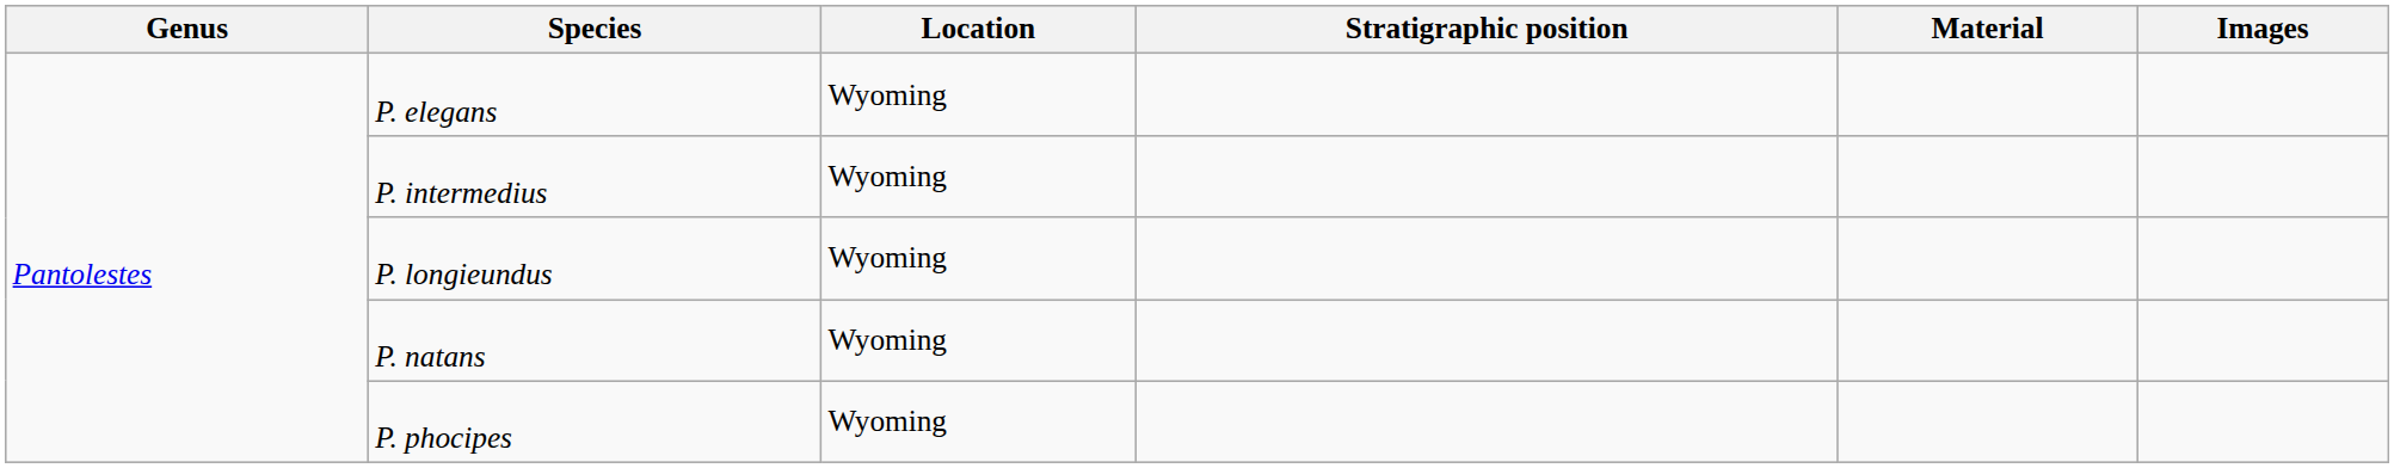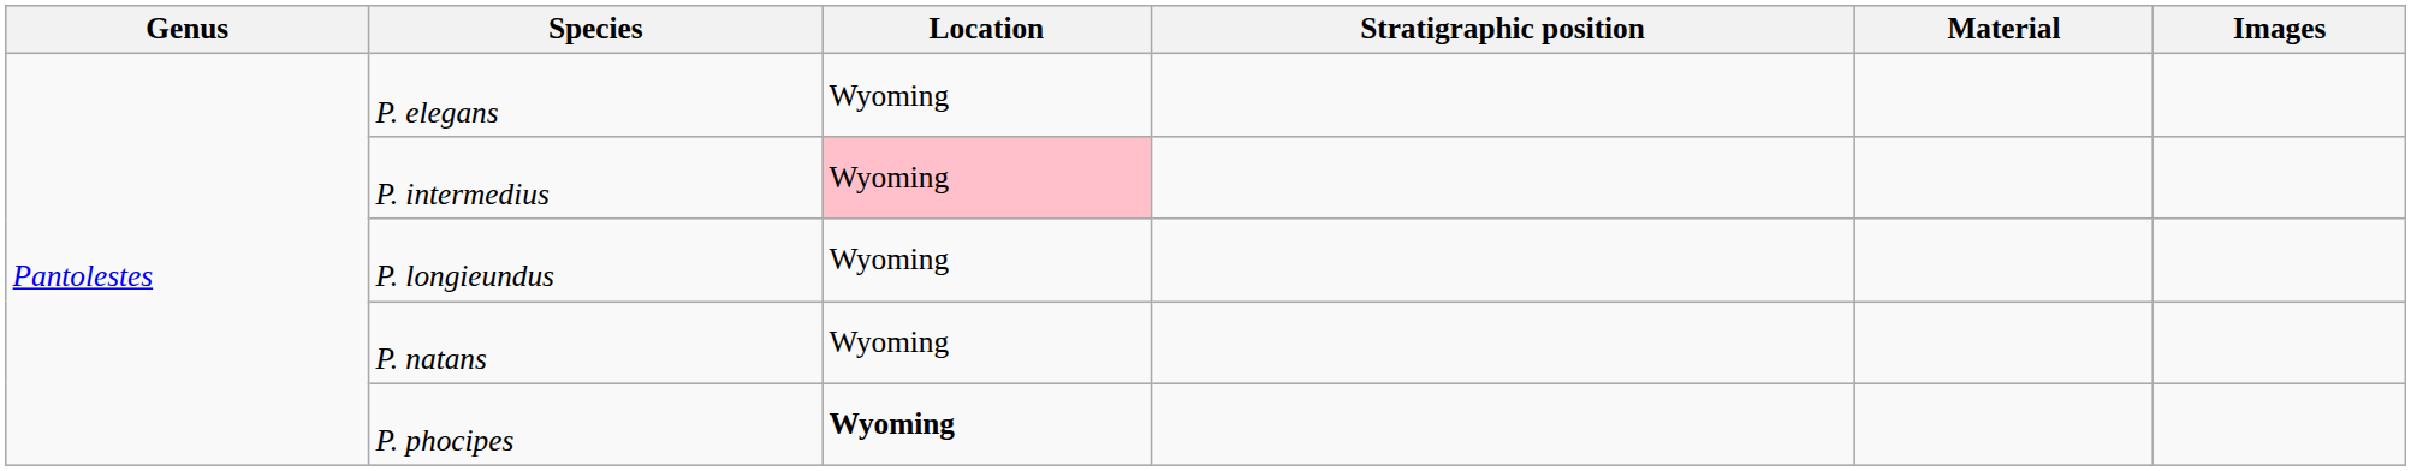 <table class="wikitable sortable"  style="margin:auto; width:100%;">
 <tr>
 <th>Genus</th>
 <th>Species</th>
 <th>Location</th>
 <th>Stratigraphic position</th>
 <th>Material</th>
 <th>Images</th>
 </tr>
 <tr>
 <td rowspan=5><br><em><a href='#'>Pantolestes</a></em></td>
 <td><br><em>P. elegans</em></td>
 <td>Wyoming</td>
 <td></td>
 <td></td>
 <td></td>
 </tr>
 <tr>
 <td><br><em>P. intermedius</em></td>
-<td>Wyoming</td>
+<td style="background: pink;">Wyoming</td>
 <td></td>
 <td></td>
 <td></td>
 </tr>
 <tr>
 <td><br><em>P. longieundus</em></td>
 <td>Wyoming</td>
 <td></td>
 <td></td>
 <td></td>
 </tr>
 <tr>
 <td><br><em>P. natans</em></td>
 <td>Wyoming</td>
 <td></td>
 <td></td>
 <td></td>
 </tr>
 <tr>
 <td><br><em>P. phocipes</em></td>
-<td>Wyoming</td>
+<td><strong>Wyoming</strong></td>
 <td></td>
 <td></td>
 <td></td>
 </tr>
 </table>
